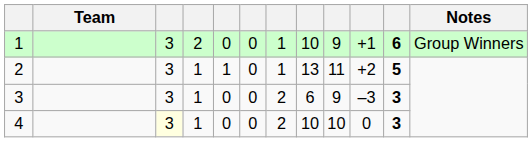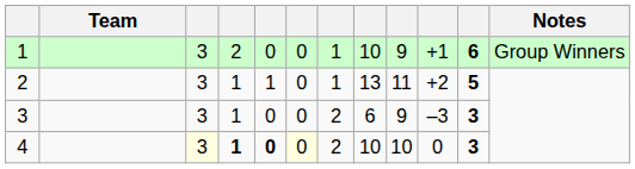 <table class="wikitable" style="text-align: center; font-size: 97%;">
 <tr>
 <th width="20"></th>
 <th width="110">Team</th>
 <th width="18"></th>
 <th width="22"></th>
 <th width="18"></th>
 <th width="18"></th>
 <th width="22"></th>
 <th width="18"></th>
 <th width="18"></th>
 <th width="25"></th>
 <th width="18"></th>
 <th width="105">Notes</th>
 </tr>
 <tr style="background-color: #ccffcc;">
 <td>1</td>
 <td align=left></td>
 <td>3</td>
 <td>2</td>
 <td>0</td>
 <td>0</td>
 <td>1</td>
 <td>10</td>
 <td>9</td>
 <td>+1</td>
 <td><strong>6</strong></td>
 <td>Group Winners</td>
 </tr>
 <tr>
 <td>2</td>
 <td align=left></td>
 <td>3</td>
 <td>1</td>
 <td>1</td>
 <td>0</td>
 <td>1</td>
 <td>13</td>
 <td>11</td>
 <td>+2</td>
 <td><strong>5</strong></td>
 <td rowspan="3"></td>
 </tr>
 <tr>
 <td>3</td>
 <td align=left></td>
 <td>3</td>
 <td>1</td>
 <td>0</td>
 <td>0</td>
 <td>2</td>
 <td>6</td>
 <td>9</td>
 <td>–3</td>
 <td><strong>3</strong></td>
 </tr>
 <tr>
 <td>4</td>
 <td align=left></td>
 <td style="background: lightyellow;">3</td>
-<td>1</td>
-<td>0</td>
-<td>0</td>
+<td><strong>1</strong></td>
+<td><strong>0</strong></td>
+<td style="background: lightyellow;">0</td>
 <td>2</td>
 <td>10</td>
 <td>10</td>
 <td>0</td>
 <td><strong>3</strong></td>
 </tr>
 </table>
